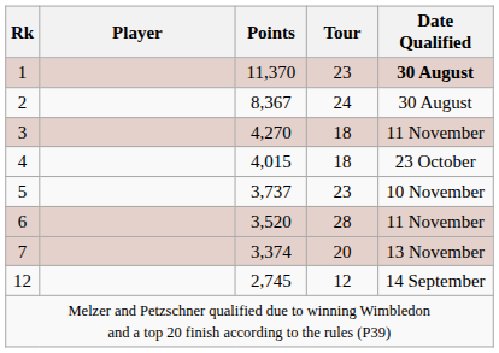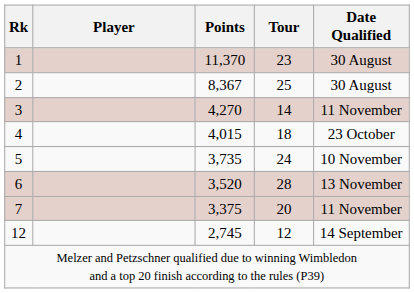 <table class=wikitable align=right style=text-align:center;font-size:90%;text:justify>
 <tr>
 <th width=20>Rk</th>
 <th width=150>Player</th>
 <th width=50>Points</th>
 <th width=50>Tour</th>
 <th width=85>Date Qualified</th>
 </tr>
 <tr bgcolor=#e5d1cb>
 <td>1</td>
 <td align=left><br></td>
 <td>11,370</td>
 <td>23</td>
-<td><strong>30 August</strong></td>
+<td>30 August</td>
 </tr>
 <tr>
 <td>2</td>
 <td align=left><br></td>
 <td>8,367</td>
-<td>24</td>
+<td>25</td>
 <td>30 August</td>
 </tr>
 <tr bgcolor=#e5d1cb>
 <td>3</td>
 <td align=left><br></td>
 <td>4,270</td>
-<td>18</td>
+<td>14</td>
 <td>11 November</td>
 </tr>
 <tr>
 <td>4</td>
 <td align=left><br></td>
 <td>4,015</td>
 <td>18</td>
 <td>23 October</td>
 </tr>
 <tr>
 <td>5</td>
 <td align=left><br></td>
-<td>3,737</td>
-<td>23</td>
+<td>3,735</td>
+<td>24</td>
 <td>10 November</td>
 </tr>
 <tr bgcolor=#e5d1cb>
 <td>6</td>
 <td align=left><br></td>
 <td>3,520</td>
 <td>28</td>
-<td>11 November</td>
+<td>13 November</td>
 </tr>
 <tr bgcolor=#e5d1cb>
 <td>7</td>
 <td align=left><br></td>
-<td>3,374</td>
+<td>3,375</td>
 <td>20</td>
-<td>13 November</td>
+<td>11 November</td>
 </tr>
 <tr>
 <td>12</td>
 <td align=left><br></td>
 <td>2,745</td>
 <td>12</td>
 <td>14 September</td>
 </tr>
 <tr>
 <td colspan=5><div><small>Melzer and Petzschner qualified due to winning Wimbledon<br>and a top 20 finish according to the rules (P39)</small></div></td>
 </tr>
 </table>
